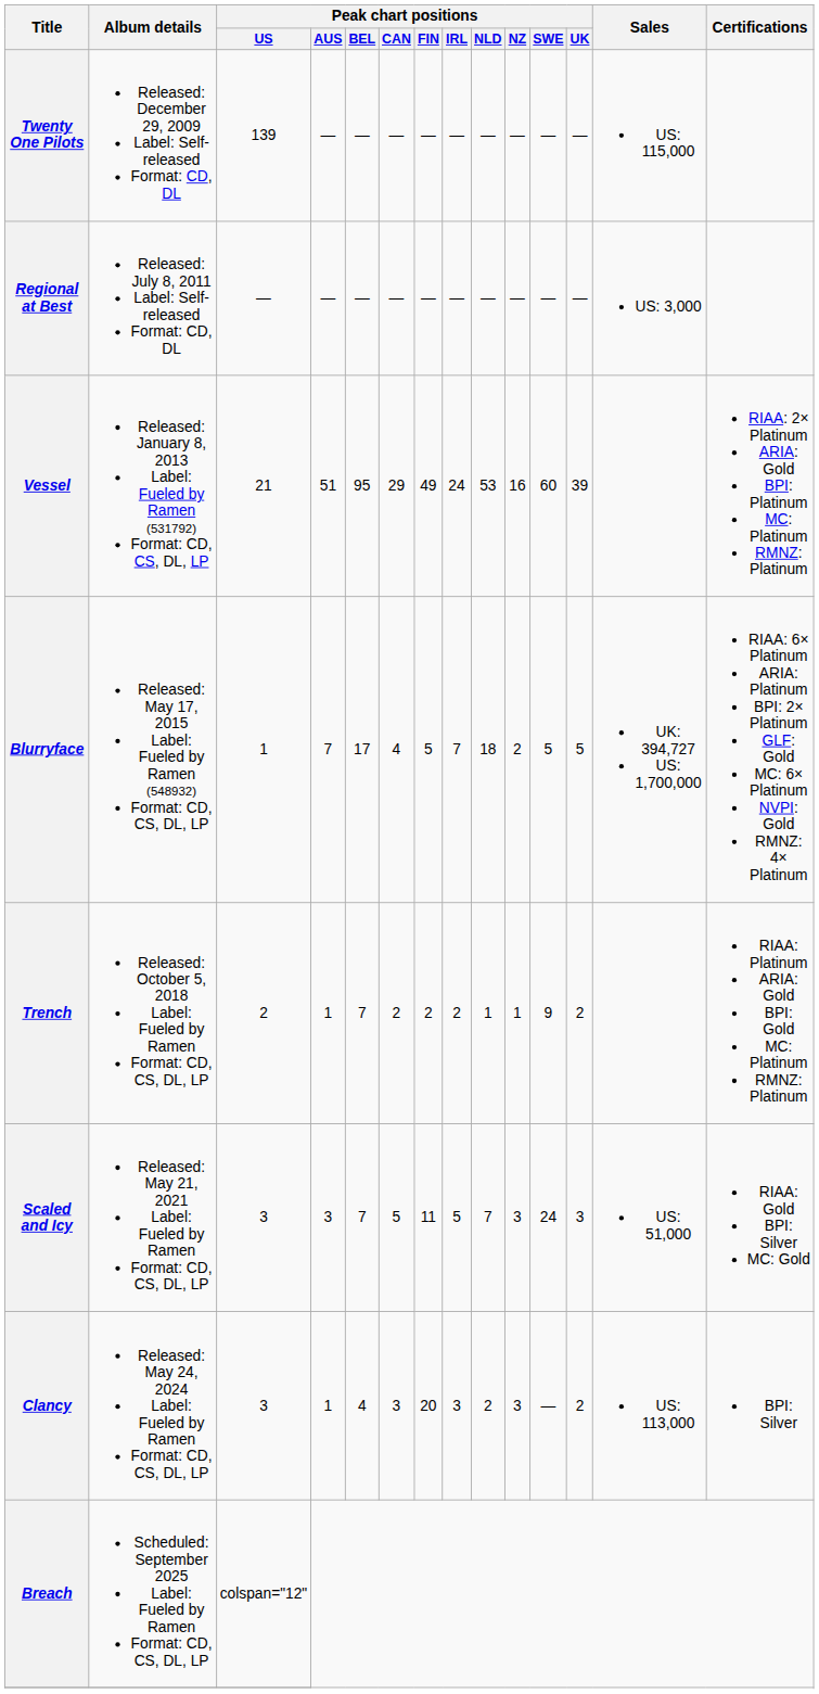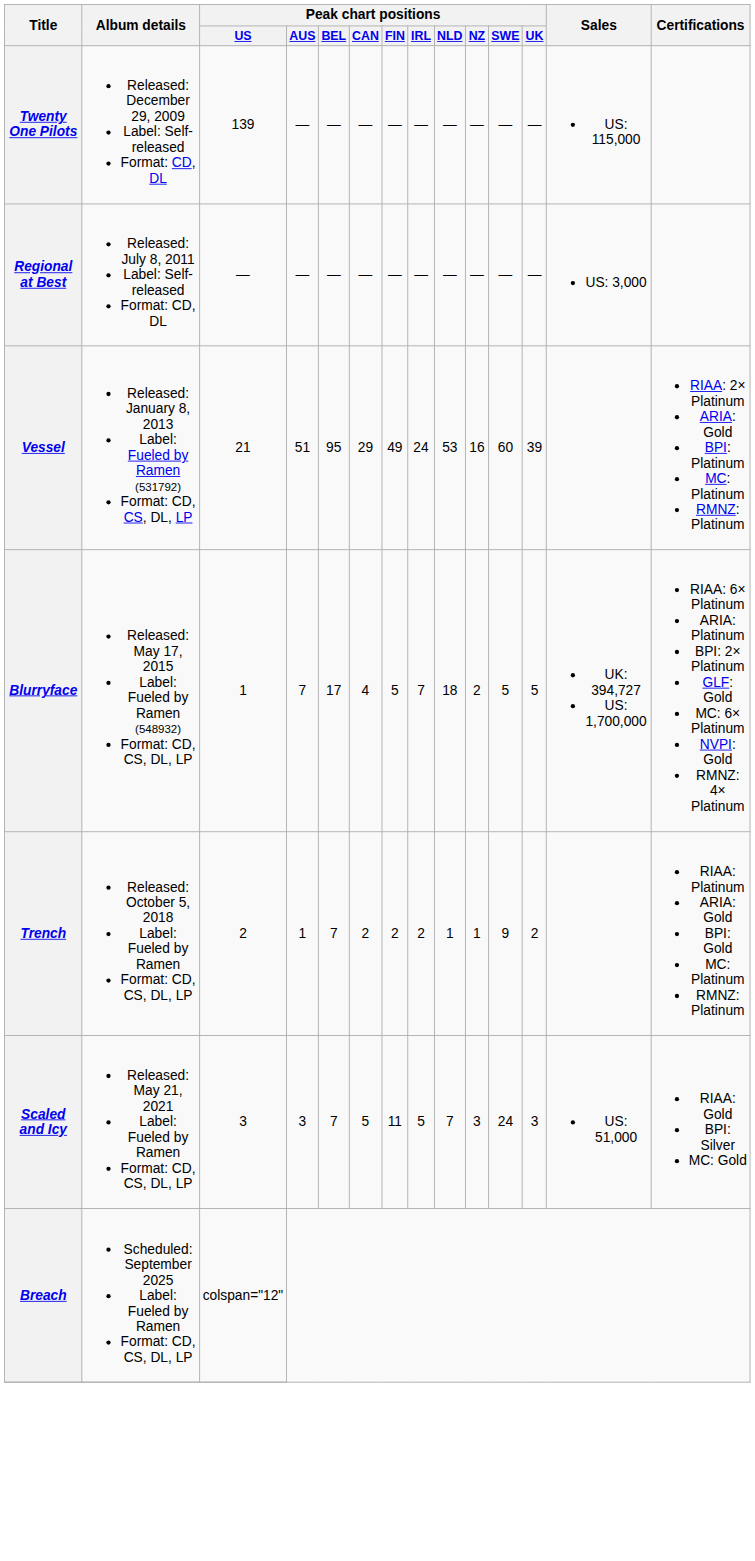 <table class="wikitable plainrowheaders" style="text-align:center;">
 <tr>
 <th scope="col" rowspan="2" style="width:9em;">Title</th>
 <th scope="col" rowspan="2" style="width:17em;">Album details</th>
 <th scope="col" colspan="10">Peak chart positions</th>
 <th scope="col" rowspan="2" style="width:10em;">Sales</th>
 <th scope="col" rowspan="2" style="width:12em;">Certifications</th>
 </tr>
 <tr>
 <th scope="col" style="width:2.2em; font-size:90%;"><a href='#'>US</a><br></th>
 <th scope="col" style="width:2.2em; font-size:90%;"><a href='#'>AUS</a><br></th>
 <th scope="col" style="width:2.2em; font-size:90%;"><a href='#'>BEL</a><br></th>
 <th scope="col" style="width:2.2em; font-size:90%;"><a href='#'>CAN</a><br></th>
 <th scope="col" style="width:2.2em; font-size:90%;"><a href='#'>FIN</a><br></th>
 <th scope="col" style="width:2.2em;font-size:90%;"><a href='#'>IRL</a><br></th>
 <th scope="col" style="width:2.2em; font-size:90%;"><a href='#'>NLD</a><br></th>
 <th scope="col" style="width:2.2em; font-size:90%;"><a href='#'>NZ</a><br></th>
 <th scope="col" style="width:2.2em; font-size:90%;"><a href='#'>SWE</a><br></th>
 <th scope="col" style="width:2.2em; font-size:90%;"><a href='#'>UK</a><br></th>
 </tr>
 <tr>
 <th scope="row"><em><a href='#'>Twenty One Pilots</a></em></th>
 <td><br><ul><li>Released: December 29, 2009</li><li>Label: Self-released</li><li>Format: <a href='#'>CD</a>, <a href='#'>DL</a></li></ul></td>
 <td>139</td>
 <td>—</td>
 <td>—</td>
 <td>—</td>
 <td>—</td>
 <td>—</td>
 <td>—</td>
 <td>—</td>
 <td>—</td>
 <td>—</td>
 <td><br><ul><li>US: 115,000</li></ul></td>
 <td></td>
 </tr>
 <tr>
 <th scope="row"><em><a href='#'>Regional at Best</a></em></th>
 <td><br><ul><li>Released: July 8, 2011</li><li>Label: Self-released</li><li>Format: CD, DL</li></ul></td>
 <td>—</td>
 <td>—</td>
 <td>—</td>
 <td>—</td>
 <td>—</td>
 <td>—</td>
 <td>—</td>
 <td>—</td>
 <td>—</td>
 <td>—</td>
 <td><br><ul><li>US: 3,000</li></ul></td>
 <td></td>
 </tr>
 <tr>
 <th scope="row"><em><a href='#'>Vessel</a></em></th>
 <td><br><ul><li>Released: January 8, 2013</li><li>Label: <a href='#'>Fueled by Ramen</a> <small>(531792)</small></li><li>Format: CD, <a href='#'>CS</a>, DL, <a href='#'>LP</a></li></ul></td>
 <td>21</td>
 <td>51</td>
 <td>95</td>
 <td>29</td>
 <td>49</td>
 <td>24</td>
 <td>53</td>
 <td>16</td>
 <td>60</td>
 <td>39</td>
 <td></td>
 <td><br><ul><li><a href='#'>RIAA</a>: 2× Platinum</li><li><a href='#'>ARIA</a>: Gold</li><li><a href='#'>BPI</a>: Platinum</li><li><a href='#'>MC</a>: Platinum</li><li><a href='#'>RMNZ</a>: Platinum</li></ul></td>
 </tr>
 <tr>
 <th scope="row"><em><a href='#'>Blurryface</a></em></th>
 <td><br><ul><li>Released: May 17, 2015</li><li>Label: Fueled by Ramen <small>(548932)</small></li><li>Format: CD, CS, DL, LP</li></ul></td>
 <td>1</td>
 <td>7</td>
 <td>17</td>
 <td>4</td>
 <td>5</td>
 <td>7</td>
 <td>18</td>
 <td>2</td>
 <td>5</td>
 <td>5</td>
 <td><br><ul><li>UK: 394,727</li><li>US: 1,700,000</li></ul></td>
 <td><br><ul><li>RIAA: 6× Platinum</li><li>ARIA: Platinum</li><li>BPI: 2× Platinum</li><li><a href='#'>GLF</a>: Gold</li><li>MC: 6× Platinum</li><li><a href='#'>NVPI</a>: Gold</li><li>RMNZ: 4× Platinum</li></ul></td>
 </tr>
 <tr>
 <th scope="row"><em><a href='#'>Trench</a></em></th>
 <td><br><ul><li>Released: October 5, 2018</li><li>Label: Fueled by Ramen</li><li>Format: CD, CS, DL, LP</li></ul></td>
 <td>2</td>
 <td>1</td>
 <td>7</td>
 <td>2</td>
 <td>2</td>
 <td>2</td>
 <td>1</td>
 <td>1</td>
 <td>9</td>
 <td>2</td>
 <td></td>
 <td><br><ul><li>RIAA: Platinum</li><li>ARIA: Gold</li><li>BPI: Gold</li><li>MC: Platinum</li><li>RMNZ: Platinum</li></ul></td>
 </tr>
 <tr>
 <th scope="row"><em><a href='#'>Scaled and Icy</a></em></th>
 <td><br><ul><li>Released: May 21, 2021</li><li>Label: Fueled by Ramen</li><li>Format: CD, CS, DL, LP</li></ul></td>
 <td>3</td>
 <td>3</td>
 <td>7</td>
 <td>5</td>
 <td>11</td>
 <td>5</td>
 <td>7</td>
 <td>3</td>
 <td>24</td>
 <td>3</td>
 <td><br><ul><li>US: 51,000</li></ul></td>
 <td><br><ul><li>RIAA: Gold</li><li>BPI: Silver</li><li>MC: Gold</li></ul></td>
 </tr>
 <tr>
-<th scope="row"><em><a href='#'>Clancy</a></em></th>
-<td><br><ul><li>Released: May 24, 2024</li><li>Label: Fueled by Ramen</li><li>Format: CD, CS, DL, LP</li></ul></td>
-<td>3</td>
-<td>1</td>
-<td>4</td>
-<td>3</td>
-<td>20</td>
-<td>3</td>
-<td>2</td>
-<td>3</td>
-<td>—</td>
-<td>2</td>
-<td><br><ul><li>US: 113,000</li></ul></td>
-<td><br><ul><li>BPI: Silver</li></ul></td>
-</tr>
-<tr>
 <th scope="row"><em><a href='#'>Breach</a></em></th>
 <td><br><ul><li>Scheduled: September 2025</li><li>Label: Fueled by Ramen</li><li>Format: CD, CS, DL, LP</li></ul></td>
 <td>colspan="12" </td>
 </tr>
 <tr>
 </tr>
 </table>
